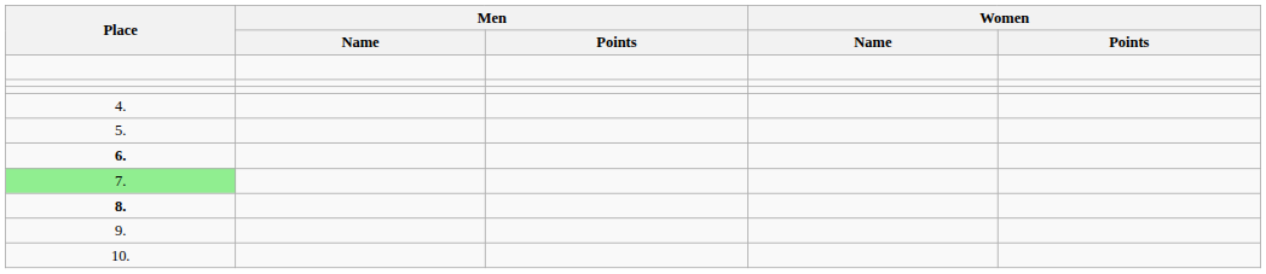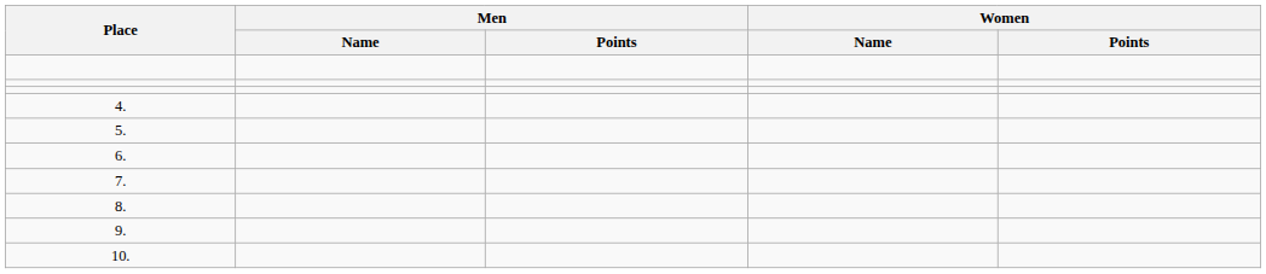 <table class=wikitable style="font-size:95%" width="80%">
 <tr>
 <th rowspan="2">Place</th>
 <th colspan="2">Men</th>
 <th colspan="2">Women</th>
 </tr>
 <tr>
 <th>Name</th>
 <th>Points</th>
 <th>Name</th>
 <th>Points</th>
 </tr>
 <tr>
 <td align="center"></td>
 <td><br></td>
 <td></td>
 <td></td>
 <td></td>
 </tr>
 <tr>
 <td align="center"></td>
 <td></td>
 <td></td>
 <td></td>
 <td></td>
 </tr>
 <tr>
 <td align="center"></td>
 <td></td>
 <td></td>
 <td></td>
 <td></td>
 </tr>
 <tr>
 <td align="center">4.</td>
 <td></td>
 <td></td>
 <td></td>
 <td></td>
 </tr>
 <tr>
 <td align="center">5.</td>
 <td></td>
 <td></td>
 <td></td>
 <td></td>
 </tr>
 <tr>
-<td align="center"><strong>6.</strong></td>
+<td align="center">6.</td>
 <td></td>
 <td></td>
 <td></td>
 <td></td>
 </tr>
 <tr>
-<td align="center" style="background: lightgreen;">7.</td>
+<td align="center">7.</td>
 <td></td>
 <td></td>
 <td></td>
 <td></td>
 </tr>
 <tr>
-<td align="center"><strong>8.</strong></td>
+<td align="center">8.</td>
 <td></td>
 <td></td>
 <td></td>
 <td></td>
 </tr>
 <tr>
 <td align="center">9.</td>
 <td></td>
 <td></td>
 <td></td>
 <td></td>
 </tr>
 <tr>
 <td align="center">10.</td>
 <td></td>
 <td></td>
 <td></td>
 <td></td>
 </tr>
 </table>
